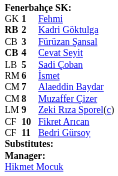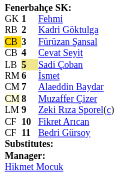 <table style="font-size: 90%" cellspacing="0" cellpadding="0" align=center>
 <tr>
 <td colspan="4"><strong>Fenerbahçe SK:</strong></td>
 </tr>
 <tr>
 <th width="25"></th>
 <th width="25"></th>
 </tr>
 <tr>
 <td>GK</td>
 <td><strong>1</strong></td>
 <td> <a href='#'>Fehmi</a></td>
 </tr>
 <tr>
-<td><strong>RB</strong></td>
+<td>RB</td>
 <td><strong>2</strong></td>
 <td> <a href='#'>Kadri Göktulga</a></td>
 </tr>
 <tr>
-<td>CB</td>
+<td style="background: gold;">CB</td>
 <td><strong>3</strong></td>
 <td> <a href='#'>Fürüzan Şansal</a></td>
 </tr>
 <tr>
-<td><strong>CB</strong></td>
+<td>CB</td>
 <td><strong>4</strong></td>
 <td> <a href='#'>Cevat Seyit</a></td>
 </tr>
 <tr>
 <td>LB</td>
-<td><strong>5</strong></td>
+<td style="background: khaki;"><strong>5</strong></td>
 <td> <a href='#'>Sadi Çoban</a></td>
 </tr>
 <tr>
 <td>RM</td>
 <td><strong>6</strong></td>
 <td> <a href='#'>İsmet</a></td>
 </tr>
 <tr>
 <td>CM</td>
 <td><strong>7</strong></td>
 <td> <a href='#'>Alaeddin Baydar</a></td>
 </tr>
 <tr>
-<td>CM</td>
+<td style="background: lightyellow;">CM</td>
 <td><strong>8</strong></td>
 <td> <a href='#'>Muzaffer Çizer</a></td>
 </tr>
 <tr>
 <td>LM</td>
 <td><strong>9</strong></td>
 <td> <a href='#'>Zeki Rıza Sporel</a>(<a href='#'>c</a>)</td>
 </tr>
 <tr>
 <td>CF</td>
 <td><strong>10</strong></td>
 <td> <a href='#'>Fikret Arıcan</a></td>
 </tr>
 <tr>
 <td>CF</td>
 <td><strong>11</strong></td>
 <td> <a href='#'>Bedri Gürsoy</a></td>
 </tr>
 <tr>
 <td colspan=4><strong>Substitutes:</strong></td>
 </tr>
 <tr>
 <td colspan=4><strong>Manager:</strong></td>
 </tr>
 <tr>
 <td colspan="4"> <a href='#'>Hikmet Mocuk</a></td>
 </tr>
 </table>
